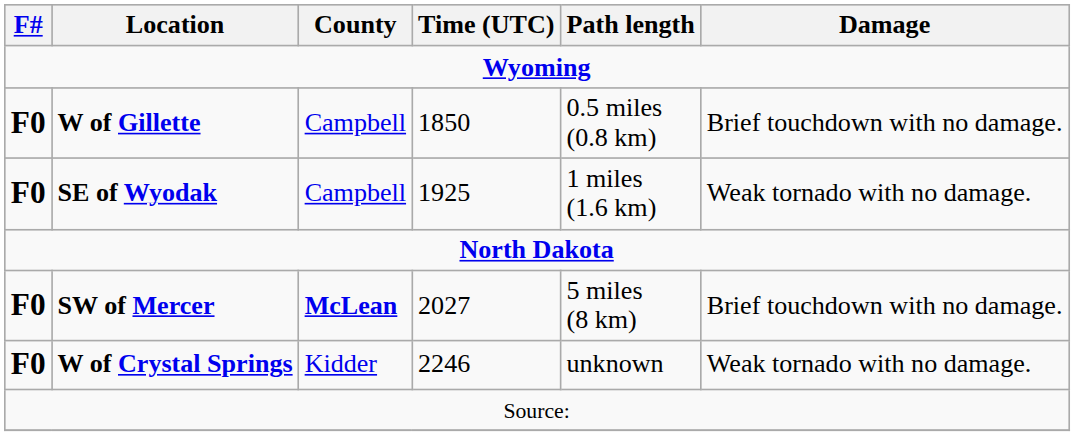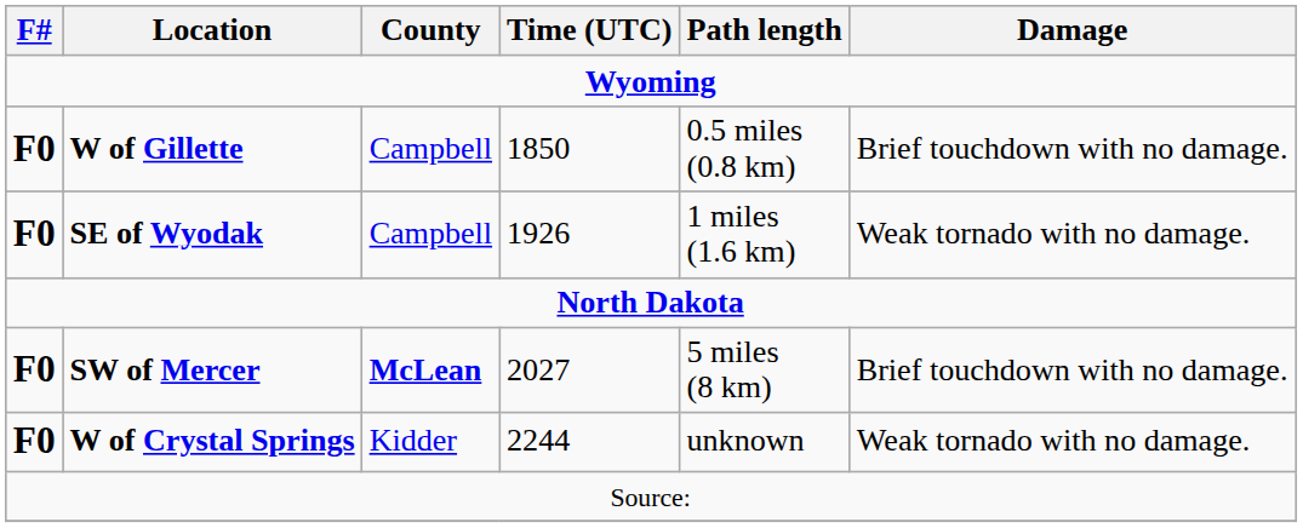 <table class="wikitable">
 <tr>
 <th><strong><a href='#'>F#</a></strong></th>
 <th><strong>Location</strong></th>
 <th><strong>County</strong></th>
 <th><strong>Time (UTC)</strong></th>
 <th><strong>Path length</strong></th>
 <th><strong>Damage</strong></th>
 </tr>
 <tr>
 <td colspan="7" align=center><strong><a href='#'>Wyoming</a></strong></td>
 </tr>
 <tr>
 <td><big><strong>F0</strong></big></td>
 <td><strong>W of <a href='#'>Gillette</a></strong></td>
 <td><a href='#'>Campbell</a></td>
 <td>1850</td>
 <td>0.5 miles <br>(0.8 km)</td>
 <td>Brief touchdown with no damage.</td>
 </tr>
 <tr>
 <td><big><strong>F0</strong></big></td>
 <td><strong>SE of <a href='#'>Wyodak</a></strong></td>
 <td><a href='#'>Campbell</a></td>
-<td>1925</td>
+<td>1926</td>
 <td>1 miles <br>(1.6 km)</td>
 <td>Weak tornado with no damage.</td>
 </tr>
 <tr>
 <td colspan="7" align=center><strong><a href='#'>North Dakota</a></strong></td>
 </tr>
 <tr>
 <td><big><strong>F0</strong></big></td>
 <td><strong>SW of <a href='#'>Mercer</a></strong></td>
 <td><strong><a href='#'>McLean</a></strong></td>
 <td>2027</td>
 <td>5 miles <br>(8 km)</td>
 <td>Brief touchdown with no damage.</td>
 </tr>
 <tr>
 <td><big><strong>F0</strong></big></td>
 <td><strong>W of <a href='#'>Crystal Springs</a></strong></td>
 <td><a href='#'>Kidder</a></td>
-<td>2246</td>
+<td>2244</td>
 <td>unknown</td>
 <td>Weak tornado with no damage.</td>
 </tr>
 <tr>
 <td colspan="7" align=center><small>Source: </small></td>
 </tr>
 <tr>
 </tr>
 </table>
